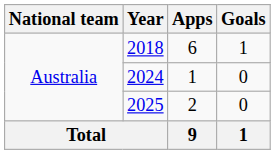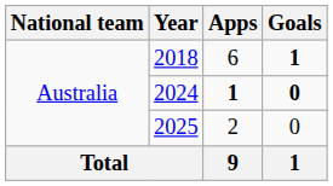 <table class="wikitable" style="text-align:center">
 <tr>
 <th>National team</th>
 <th>Year</th>
 <th>Apps</th>
 <th>Goals</th>
 </tr>
 <tr>
 <td rowspan=3><a href='#'>Australia</a></td>
 <td><a href='#'>2018</a></td>
 <td>6</td>
-<td>1</td>
+<td><strong>1</strong></td>
 </tr>
 <tr>
 <td><a href='#'>2024</a></td>
-<td>1</td>
-<td>0</td>
+<td><strong>1</strong></td>
+<td><strong>0</strong></td>
 </tr>
 <tr>
 <td><a href='#'>2025</a></td>
 <td>2</td>
 <td>0</td>
 </tr>
 <tr>
 <th colspan="2">Total</th>
 <th>9</th>
 <th>1</th>
 </tr>
 </table>
